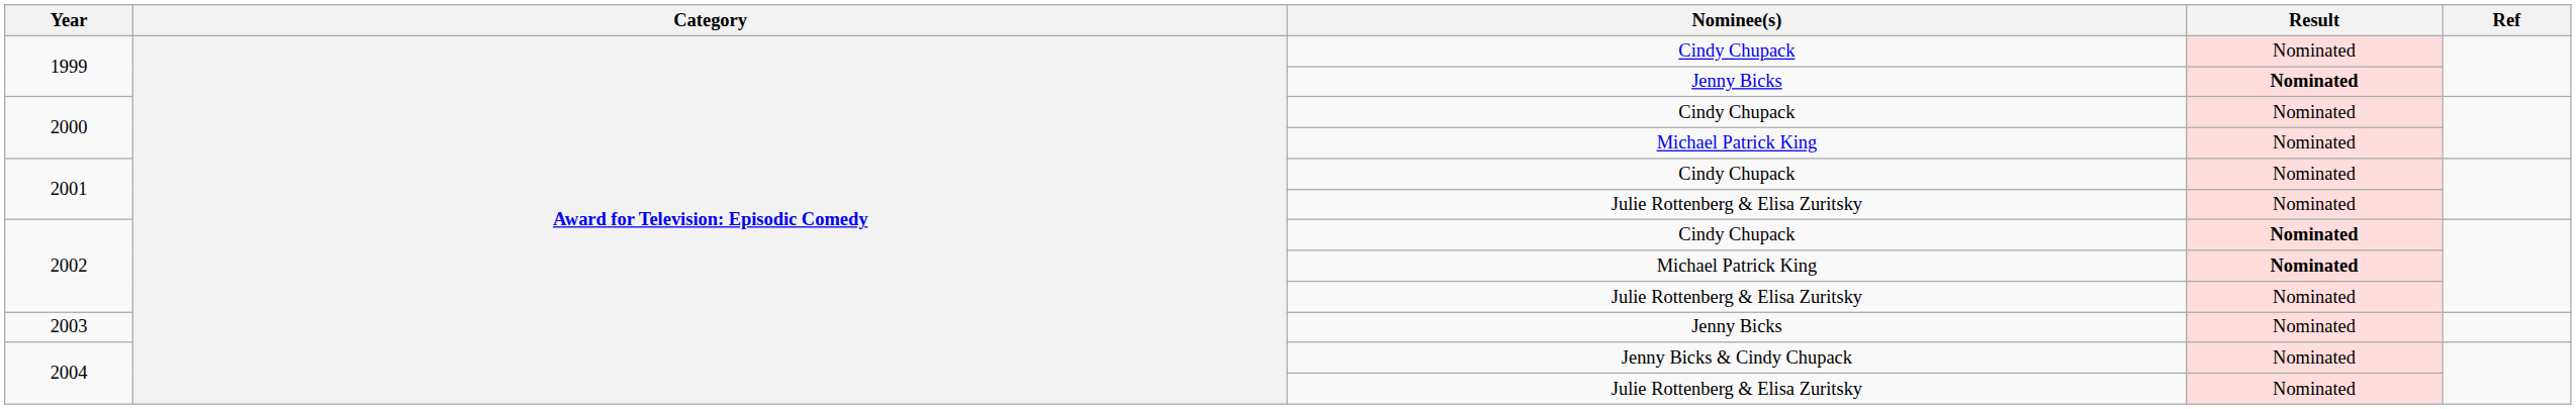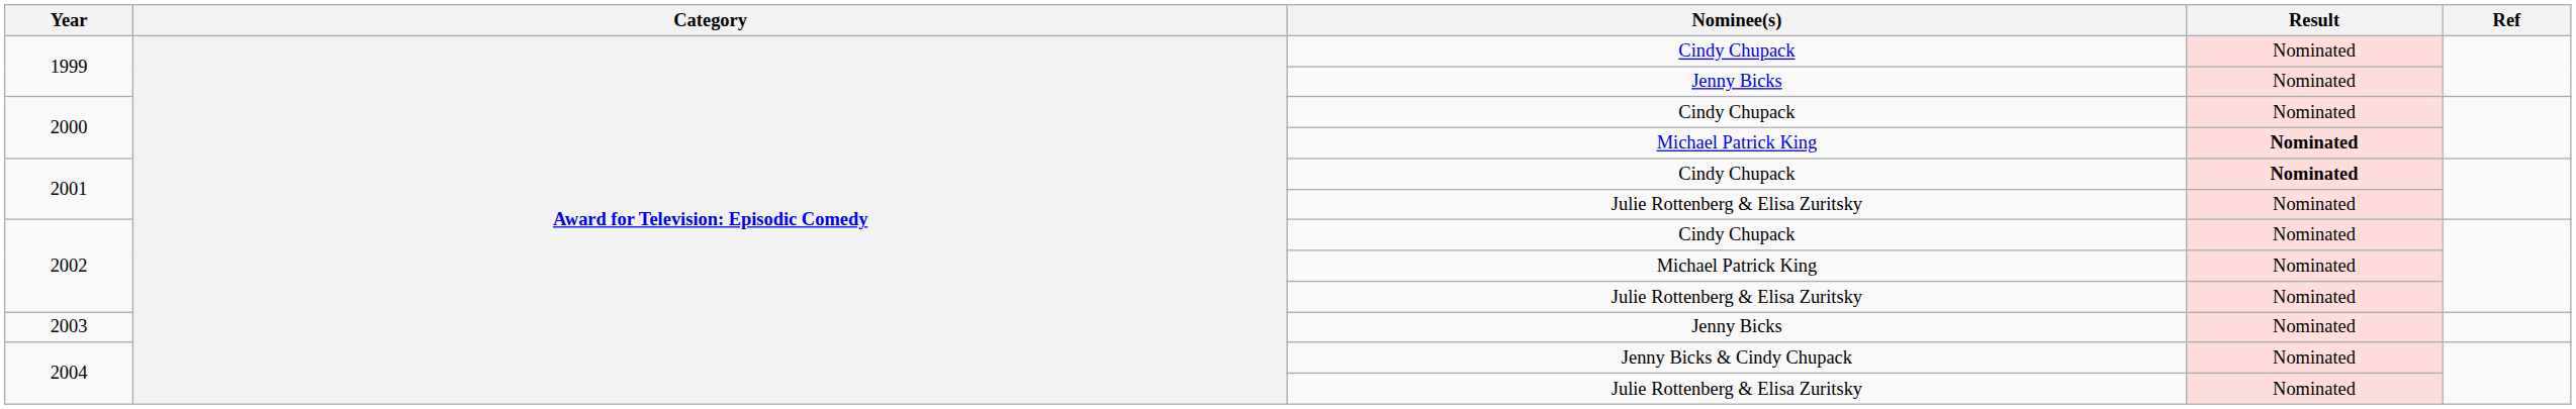 <table class="wikitable plainrowheaders" style="font-size: 90%; text-align:center" width=100%>
 <tr>
 <th scope="col" width="5%">Year</th>
 <th scope="col" width="45%">Category</th>
 <th scope="col" width="35%">Nominee(s)</th>
 <th scope="col" width="10%">Result</th>
 <th scope="col" width="5%">Ref</th>
 </tr>
 <tr>
 <td rowspan="2">1999</td>
 <th scope="row" style="text-align:center" rowspan=12><a href='#'>Award for Television: Episodic Comedy</a></th>
 <td><a href='#'>Cindy Chupack</a><br></td>
 <td style="background:#fdd;">Nominated</td>
 <td rowspan="2"></td>
 </tr>
 <tr>
 <td><a href='#'>Jenny Bicks</a><br></td>
-<td style="background:#fdd;"><strong>Nominated</strong></td>
+<td style="background:#fdd;">Nominated</td>
 </tr>
 <tr>
 <td rowspan="2">2000</td>
 <td>Cindy Chupack<br></td>
 <td style="background:#fdd;">Nominated</td>
 <td rowspan="2"></td>
 </tr>
 <tr>
 <td><a href='#'>Michael Patrick King</a><br></td>
-<td style="background:#fdd;">Nominated</td>
+<td style="background:#fdd;"><strong>Nominated</strong></td>
 </tr>
 <tr>
 <td rowspan="2">2001</td>
 <td>Cindy Chupack<br></td>
-<td style="background:#fdd;">Nominated</td>
+<td style="background:#fdd;"><strong>Nominated</strong></td>
 <td rowspan="2"></td>
 </tr>
 <tr>
 <td>Julie Rottenberg & Elisa Zuritsky<br></td>
 <td style="background:#fdd;">Nominated</td>
 </tr>
 <tr>
 <td rowspan="3">2002</td>
 <td>Cindy Chupack<br></td>
-<td style="background:#fdd;"><strong>Nominated</strong></td>
+<td style="background:#fdd;">Nominated</td>
 <td rowspan="3"></td>
 </tr>
 <tr>
 <td>Michael Patrick King<br></td>
-<td style="background:#fdd;"><strong>Nominated</strong></td>
+<td style="background:#fdd;">Nominated</td>
 </tr>
 <tr>
 <td>Julie Rottenberg & Elisa Zuritsky<br></td>
 <td style="background:#fdd;">Nominated</td>
 </tr>
 <tr>
 <td>2003</td>
 <td>Jenny Bicks<br></td>
 <td style="background:#fdd;">Nominated</td>
 <td></td>
 </tr>
 <tr>
 <td rowspan="2">2004</td>
 <td>Jenny Bicks & Cindy Chupack<br></td>
 <td style="background:#fdd;">Nominated</td>
 <td rowspan="2"></td>
 </tr>
 <tr>
 <td>Julie Rottenberg & Elisa Zuritsky<br></td>
 <td style="background:#fdd;">Nominated</td>
 </tr>
 </table>
